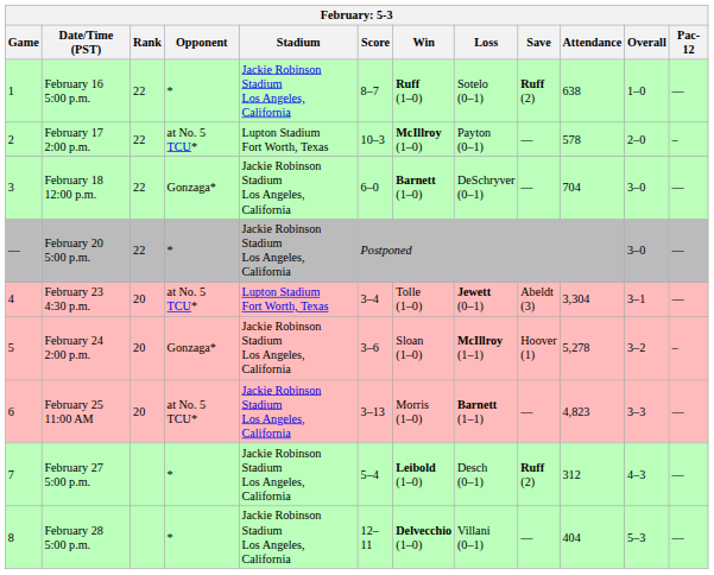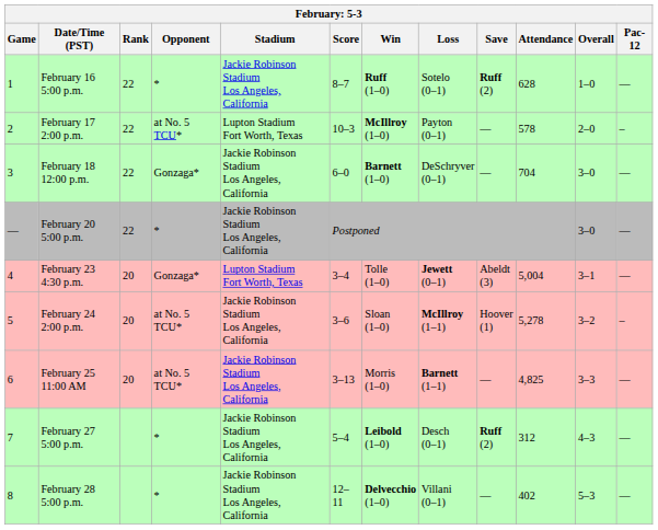 <table class="wikitable collapsible collapsed" style="margin:auto; font-size:95%; width:100%">
 <tr>
 <th colspan=12>February: 5-3</th>
 </tr>
 <tr>
 <th>Game</th>
 <th>Date/Time (PST)</th>
 <th>Rank</th>
 <th>Opponent</th>
 <th>Stadium</th>
 <th>Score</th>
 <th>Win</th>
 <th>Loss</th>
 <th>Save</th>
 <th>Attendance</th>
 <th>Overall</th>
 <th>Pac-12</th>
 </tr>
 <tr style="background:#bfb;">
 <td>1</td>
 <td>February 16<br>5:00 p.m.</td>
 <td>22</td>
 <td>*</td>
 <td><a href='#'>Jackie Robinson Stadium</a><br><a href='#'>Los Angeles, California</a></td>
 <td>8–7</td>
 <td><strong>Ruff</strong><br>(1–0)</td>
 <td>Sotelo <br>(0–1)</td>
 <td><strong>Ruff</strong><br>(2)</td>
-<td>638</td>
+<td>628</td>
 <td>1–0</td>
 <td>—</td>
 </tr>
 <tr style="background:#bfb;">
 <td>2</td>
 <td>February 17<br>2:00 p.m.</td>
 <td>22</td>
 <td>at No. 5 <a href='#'>TCU</a>*</td>
 <td>Lupton Stadium<br>Fort Worth, Texas</td>
 <td>10–3</td>
 <td><strong>McIllroy</strong><br>(1–0)</td>
 <td>Payton<br>(0–1)</td>
 <td>—</td>
 <td>578</td>
 <td>2–0</td>
 <td>–</td>
 </tr>
 <tr style="background:#bfb;">
 <td>3</td>
 <td>February 18<br>12:00 p.m.</td>
 <td>22</td>
 <td>Gonzaga*</td>
 <td>Jackie Robinson Stadium<br>Los Angeles, California</td>
 <td>6–0</td>
 <td><strong>Barnett</strong><br>(1–0)</td>
 <td>DeSchryver<br>(0–1)</td>
 <td>—</td>
 <td>704</td>
 <td>3–0</td>
 <td>—</td>
 </tr>
 <tr style="background:#bbbbbb;">
 <td>—</td>
 <td>February 20<br>5:00 p.m.</td>
 <td>22</td>
 <td>*</td>
 <td>Jackie Robinson Stadium<br>Los Angeles, California</td>
 <td colspan="5"><em>Postponed</em> <br></td>
 <td>3–0</td>
 <td>—</td>
 </tr>
 <tr style="background:#fbb;">
 <td>4</td>
 <td>February 23<br>4:30 p.m.</td>
 <td>20</td>
-<td>at No. 5 <a href='#'>TCU</a>*</td>
+<td>Gonzaga*</td>
 <td><a href='#'>Lupton Stadium</a><br><a href='#'>Fort Worth, Texas</a></td>
 <td>3–4</td>
 <td>Tolle<br>(1–0)</td>
 <td><strong>Jewett</strong><br>(0–1)</td>
 <td>Abeldt <br>(3)</td>
-<td>3,304</td>
+<td>5,004</td>
 <td>3–1</td>
 <td>—</td>
 </tr>
 <tr style="background:#fbb;">
 <td>5</td>
 <td>February 24<br>2:00 p.m.</td>
 <td>20</td>
-<td>Gonzaga*</td>
+<td>at No. 5 TCU*</td>
 <td>Jackie Robinson Stadium<br>Los Angeles, California</td>
 <td>3–6</td>
 <td>Sloan<br>(1–0)</td>
 <td><strong>McIllroy</strong><br>(1–1)</td>
 <td>Hoover<br>(1)</td>
 <td>5,278</td>
 <td>3–2</td>
 <td>–</td>
 </tr>
 <tr style="background:#fbb;">
 <td>6</td>
 <td>February 25<br>11:00 AM</td>
 <td>20</td>
 <td>at No. 5 TCU*</td>
 <td><a href='#'>Jackie Robinson Stadium</a><br><a href='#'>Los Angeles, California</a></td>
 <td>3–13</td>
 <td>Morris<br>(1–0)</td>
 <td><strong>Barnett</strong> <br>(1–1)</td>
 <td>—</td>
-<td>4,823</td>
+<td>4,825</td>
 <td>3–3</td>
 <td>—</td>
 </tr>
 <tr style="background:#bfb;">
 <td>7</td>
 <td>February 27<br>5:00 p.m.</td>
 <td></td>
 <td>*</td>
 <td>Jackie Robinson Stadium<br>Los Angeles, California</td>
 <td>5–4</td>
 <td><strong>Leibold</strong> <br>(1–0)</td>
 <td>Desch<br>(0–1)</td>
 <td><strong>Ruff</strong><br>(2)</td>
 <td>312</td>
 <td>4–3</td>
 <td>—</td>
 </tr>
 <tr style="background:#bfb;">
 <td>8</td>
 <td>February 28<br>5:00 p.m.</td>
 <td></td>
 <td>*</td>
 <td>Jackie Robinson Stadium<br>Los Angeles, California</td>
 <td>12–11 <br></td>
 <td><strong>Delvecchio</strong> <br>(1–0)</td>
 <td>Villani<br>(0–1)</td>
 <td>—</td>
-<td>404</td>
+<td>402</td>
 <td>5–3</td>
 <td>—</td>
 </tr>
 </table>
